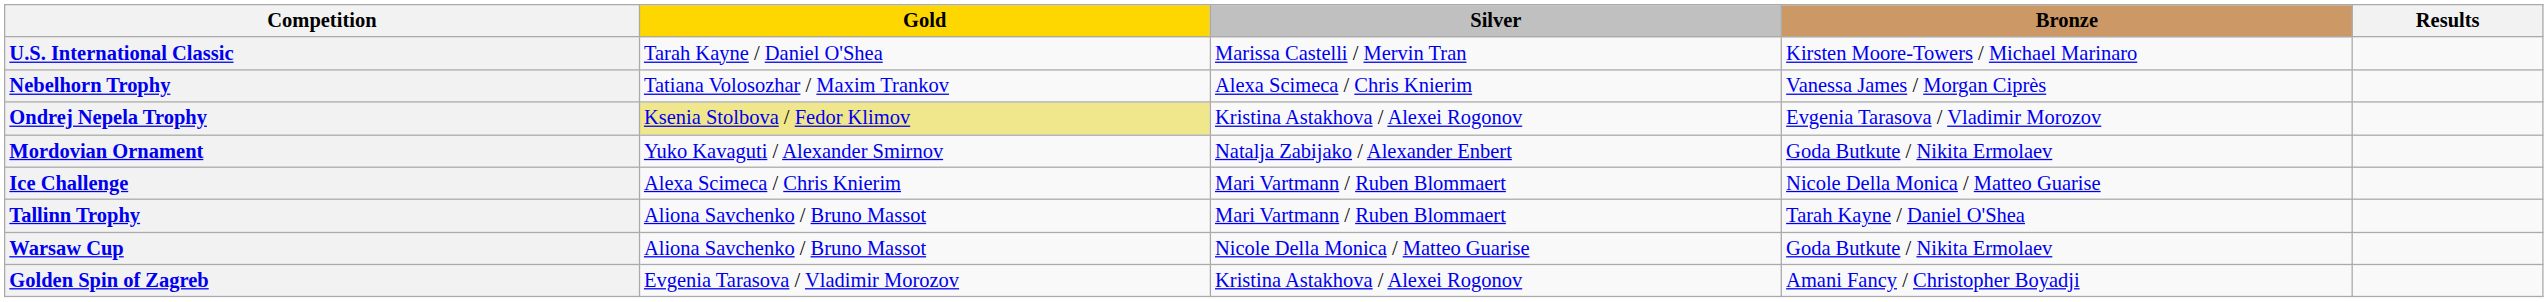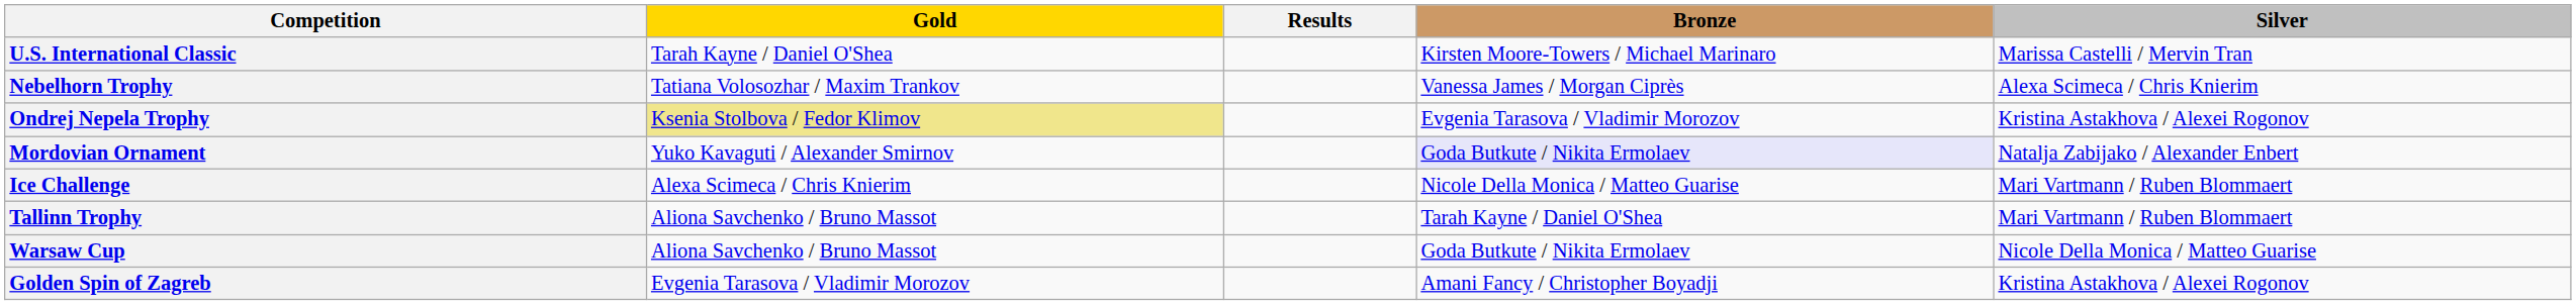 <table class="wikitable unsortable" style="text-align:left; width:100%;">
 <tr>
 <th scope="col" style="text-align:center; width:25%;">Competition</th>
 <td scope="col" style="text-align:center; width:22.5%; background:gold"><strong>Gold</strong></td>
+<th scope="col" style="text-align:center; width:7.5%;">Results</th>
+<td scope="col" style="text-align:center; width:22.5%; background:#c96"><strong>Bronze</strong></td>
 <td scope="col" style="text-align:center; width:22.5%; background:silver"><strong>Silver</strong></td>
-<td scope="col" style="text-align:center; width:22.5%; background:#c96"><strong>Bronze</strong></td>
-<th scope="col" style="text-align:center; width:7.5%;">Results</th>
 </tr>
 <tr>
 <th scope="row" style="text-align:left"> <a href='#'>U.S. International Classic</a></th>
 <td> <a href='#'>Tarah Kayne</a> / <a href='#'>Daniel O'Shea</a></td>
+<td></td>
+<td> <a href='#'>Kirsten Moore-Towers</a> / <a href='#'>Michael Marinaro</a></td>
 <td> <a href='#'>Marissa Castelli</a> / <a href='#'>Mervin Tran</a></td>
-<td> <a href='#'>Kirsten Moore-Towers</a> / <a href='#'>Michael Marinaro</a></td>
-<td></td>
 </tr>
 <tr>
 <th scope="row" style="text-align:left"> <a href='#'>Nebelhorn Trophy</a></th>
 <td> <a href='#'>Tatiana Volosozhar</a> / <a href='#'>Maxim Trankov</a></td>
+<td></td>
+<td> <a href='#'>Vanessa James</a> / <a href='#'>Morgan Ciprès</a></td>
 <td> <a href='#'>Alexa Scimeca</a> / <a href='#'>Chris Knierim</a></td>
-<td> <a href='#'>Vanessa James</a> / <a href='#'>Morgan Ciprès</a></td>
-<td></td>
 </tr>
 <tr>
 <th scope="row" style="text-align:left"> <a href='#'>Ondrej Nepela Trophy</a></th>
 <td style="background: khaki;"> <a href='#'>Ksenia Stolbova</a> / <a href='#'>Fedor Klimov</a></td>
+<td></td>
+<td> <a href='#'>Evgenia Tarasova</a> / <a href='#'>Vladimir Morozov</a></td>
 <td> <a href='#'>Kristina Astakhova</a> / <a href='#'>Alexei Rogonov</a></td>
-<td> <a href='#'>Evgenia Tarasova</a> / <a href='#'>Vladimir Morozov</a></td>
-<td></td>
 </tr>
 <tr>
 <th scope="row" style="text-align:left"> <a href='#'>Mordovian Ornament</a></th>
 <td> <a href='#'>Yuko Kavaguti</a> / <a href='#'>Alexander Smirnov</a></td>
+<td></td>
+<td style="background: lavender;"> <a href='#'>Goda Butkute</a> / <a href='#'>Nikita Ermolaev</a></td>
 <td> <a href='#'>Natalja Zabijako</a> / <a href='#'>Alexander Enbert</a></td>
-<td> <a href='#'>Goda Butkute</a> / <a href='#'>Nikita Ermolaev</a></td>
-<td></td>
 </tr>
 <tr>
 <th scope="row" style="text-align:left"> <a href='#'>Ice Challenge</a></th>
 <td> <a href='#'>Alexa Scimeca</a> / <a href='#'>Chris Knierim</a></td>
+<td></td>
+<td> <a href='#'>Nicole Della Monica</a> / <a href='#'>Matteo Guarise</a></td>
 <td> <a href='#'>Mari Vartmann</a> / <a href='#'>Ruben Blommaert</a></td>
-<td> <a href='#'>Nicole Della Monica</a> / <a href='#'>Matteo Guarise</a></td>
-<td></td>
 </tr>
 <tr>
 <th scope="row" style="text-align:left"> <a href='#'>Tallinn Trophy</a></th>
 <td> <a href='#'>Aliona Savchenko</a> / <a href='#'>Bruno Massot</a></td>
+<td></td>
+<td> <a href='#'>Tarah Kayne</a> / <a href='#'>Daniel O'Shea</a></td>
 <td> <a href='#'>Mari Vartmann</a> / <a href='#'>Ruben Blommaert</a></td>
-<td> <a href='#'>Tarah Kayne</a> / <a href='#'>Daniel O'Shea</a></td>
-<td></td>
 </tr>
 <tr>
 <th scope="row" style="text-align:left"> <a href='#'>Warsaw Cup</a></th>
 <td> <a href='#'>Aliona Savchenko</a> / <a href='#'>Bruno Massot</a></td>
+<td></td>
+<td> <a href='#'>Goda Butkute</a> / <a href='#'>Nikita Ermolaev</a></td>
 <td> <a href='#'>Nicole Della Monica</a> / <a href='#'>Matteo Guarise</a></td>
-<td> <a href='#'>Goda Butkute</a> / <a href='#'>Nikita Ermolaev</a></td>
-<td></td>
 </tr>
 <tr>
 <th scope="row" style="text-align:left"> <a href='#'>Golden Spin of Zagreb</a></th>
 <td> <a href='#'>Evgenia Tarasova</a> / <a href='#'>Vladimir Morozov</a></td>
+<td></td>
+<td> <a href='#'>Amani Fancy</a> / <a href='#'>Christopher Boyadji</a></td>
 <td> <a href='#'>Kristina Astakhova</a> / <a href='#'>Alexei Rogonov</a></td>
-<td> <a href='#'>Amani Fancy</a> / <a href='#'>Christopher Boyadji</a></td>
-<td></td>
 </tr>
 </table>
